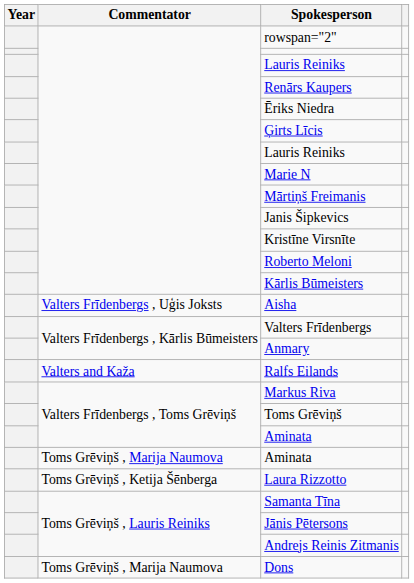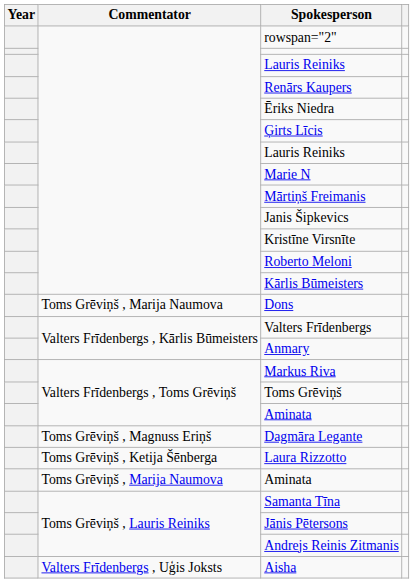 <table class="wikitable sortable plainrowheaders">
 <tr>
 <th>Year</th>
 <th>Commentator</th>
 <th>Spokesperson</th>
 <th class="unsortable"></th>
 </tr>
 <tr>
 <th scope="row"></th>
 <td rowspan="13"></td>
 <td>rowspan="2" </td>
 <td></td>
 </tr>
 <tr>
 <th scope="row"></th>
 <td></td>
 </tr>
 <tr>
 <th scope="row"></th>
 <td><a href='#'>Lauris Reiniks</a></td>
 <td></td>
 </tr>
 <tr>
 <th scope="row"></th>
 <td><a href='#'>Renārs Kaupers</a></td>
 <td></td>
 </tr>
 <tr>
 <th scope="row"></th>
 <td>Ēriks Niedra</td>
 <td></td>
 </tr>
 <tr>
 <th scope="row"></th>
 <td><a href='#'>Ģirts Līcis</a></td>
 <td></td>
 </tr>
 <tr>
 <th scope="row"></th>
 <td>Lauris Reiniks</td>
 <td></td>
 </tr>
 <tr>
 <th scope="row"></th>
 <td><a href='#'>Marie N</a></td>
 <td></td>
 </tr>
 <tr>
 <th scope="row"></th>
 <td><a href='#'>Mārtiņš Freimanis</a></td>
 <td></td>
 </tr>
 <tr>
 <th scope="row"></th>
 <td>Janis Šipkevics</td>
 <td></td>
 </tr>
 <tr>
 <th scope="row"></th>
 <td>Kristīne Virsnīte</td>
 <td></td>
 </tr>
 <tr>
 <th scope="row"></th>
 <td><a href='#'>Roberto Meloni</a></td>
 <td></td>
 </tr>
 <tr>
 <th scope="row"></th>
 <td><a href='#'>Kārlis Būmeisters</a></td>
 <td></td>
 </tr>
 <tr>
 <th scope="row"></th>
-<td><a href='#'>Valters Frīdenbergs</a> , Uģis Joksts </td>
-<td><a href='#'>Aisha</a></td>
+<td>Toms Grēviņš , Marija Naumova </td>
+<td><a href='#'>Dons</a></td>
 <td></td>
 </tr>
 <tr>
 <th scope="row"></th>
 <td rowspan="2">Valters Frīdenbergs , Kārlis Būmeisters </td>
 <td>Valters Frīdenbergs</td>
 <td></td>
 </tr>
 <tr>
 <th scope="row"></th>
 <td><a href='#'>Anmary</a></td>
-<td></td>
-</tr>
-<tr>
-<th scope="row"></th>
-<td><a href='#'>Valters and Kaža</a></td>
-<td><a href='#'>Ralfs Eilands</a></td>
 <td></td>
 </tr>
 <tr>
 <th scope="row"></th>
 <td rowspan="3">Valters Frīdenbergs , Toms Grēviņš </td>
 <td><a href='#'>Markus Riva</a></td>
 <td></td>
 </tr>
 <tr>
 <th scope="row"></th>
 <td>Toms Grēviņš</td>
 <td></td>
 </tr>
 <tr>
 <th scope="row"></th>
 <td><a href='#'>Aminata</a></td>
 <td></td>
 </tr>
 <tr>
 <th scope="row"></th>
-<td>Toms Grēviņš , <a href='#'>Marija Naumova</a> </td>
-<td>Aminata</td>
+<td>Toms Grēviņš , Magnuss Eriņš </td>
+<td><a href='#'>Dagmāra Legante</a></td>
 <td></td>
 </tr>
 <tr>
 <th scope="row"></th>
 <td>Toms Grēviņš , Ketija Šēnberga </td>
 <td><a href='#'>Laura Rizzotto</a></td>
+<td></td>
+</tr>
+<tr>
+<th scope="row"></th>
+<td>Toms Grēviņš , <a href='#'>Marija Naumova</a> </td>
+<td>Aminata</td>
 <td></td>
 </tr>
 <tr>
 <th scope="row"></th>
 <td rowspan="3">Toms Grēviņš , <a href='#'>Lauris Reiniks</a> </td>
 <td><a href='#'>Samanta Tīna</a></td>
 <td></td>
 </tr>
 <tr>
 <th scope="row"></th>
 <td><a href='#'>Jānis Pētersons</a></td>
 <td></td>
 </tr>
 <tr>
 <th scope="row"></th>
 <td><a href='#'>Andrejs Reinis Zitmanis</a></td>
 <td></td>
 </tr>
 <tr>
 <th scope="row"></th>
-<td>Toms Grēviņš , Marija Naumova </td>
-<td><a href='#'>Dons</a></td>
+<td><a href='#'>Valters Frīdenbergs</a> , Uģis Joksts </td>
+<td><a href='#'>Aisha</a></td>
 <td></td>
 </tr>
 </table>
